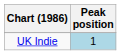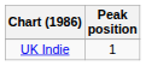 <table class="wikitable sortable plainrowheaders" style="text-align:center">
 <tr>
 <th scope="col">Chart (1986)</th>
 <th scope="col">Peak<br>position</th>
 </tr>
 <tr>
 </tr>
 <tr>
 <td><a href='#'>UK Indie</a></td>
-<td align="center" style="background: lightblue;">1</td>
+<td align="center">1</td>
 </tr>
 </table>
